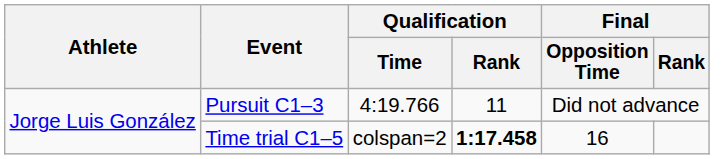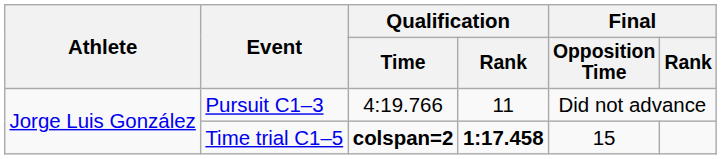 <table class=wikitable style="font-size:90%">
 <tr>
 <th rowspan="2">Athlete</th>
 <th rowspan="2">Event</th>
 <th colspan="2">Qualification</th>
 <th colspan="2">Final</th>
 </tr>
 <tr style="font-size:95%">
 <th>Time</th>
 <th>Rank</th>
 <th>Opposition<br>Time</th>
 <th>Rank</th>
 </tr>
 <tr align=center>
 <td align=left rowspan=2><a href='#'>Jorge Luis González</a></td>
 <td align=left><a href='#'>Pursuit C1–3</a></td>
 <td>4:19.766</td>
 <td>11</td>
 <td colspan=2>Did not advance</td>
 </tr>
 <tr align=center>
 <td align=left><a href='#'>Time trial C1–5</a></td>
-<td>colspan=2 </td>
+<td><strong>colspan=2 </strong></td>
 <td><strong>1:17.458</strong></td>
-<td>16</td>
+<td>15</td>
 </tr>
 </table>
